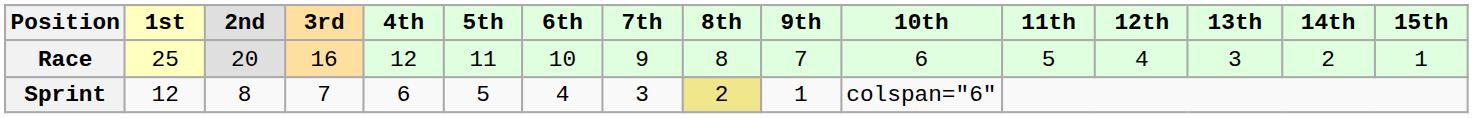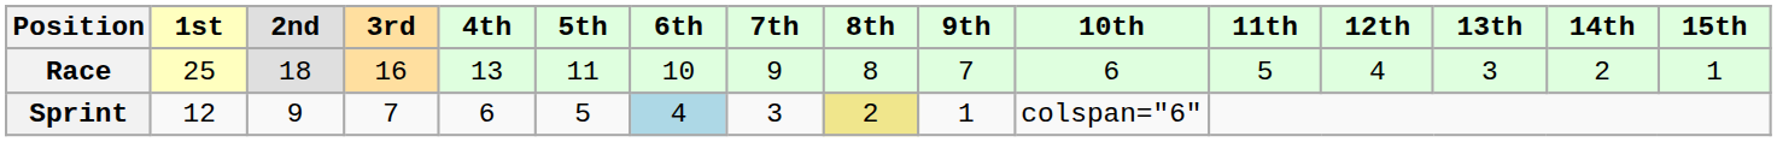 <table class="wikitable" style="font-size:85%; text-align:center">
 <tr>
 <th>Position</th>
 <td style="background:#ffffbf;"> <strong>1st</strong> </td>
 <td style="background:#dfdfdf;"> <strong>2nd</strong> </td>
 <td style="background:#ffdf9f;"> <strong>3rd</strong> </td>
 <td style="background:#dfffdf;"> <strong>4th</strong> </td>
 <td style="background:#dfffdf;"> <strong>5th</strong> </td>
 <td style="background:#dfffdf;"> <strong>6th</strong> </td>
 <td style="background:#dfffdf;"> <strong>7th</strong> </td>
 <td style="background:#dfffdf;"> <strong>8th</strong> </td>
 <td style="background:#dfffdf;"> <strong>9th</strong> </td>
 <td style="background:#dfffdf;"> <strong>10th</strong> </td>
 <td style="background:#dfffdf;"> <strong>11th</strong> </td>
 <td style="background:#dfffdf;"> <strong>12th</strong> </td>
 <td style="background:#dfffdf;"> <strong>13th</strong> </td>
 <td style="background:#dfffdf;"> <strong>14th</strong> </td>
 <td style="background:#dfffdf;"> <strong>15th</strong> </td>
 </tr>
 <tr>
 <th>Race</th>
 <td style="background:#ffffbf;">25</td>
-<td style="background:#dfdfdf;">20</td>
+<td style="background:#dfdfdf;">18</td>
 <td style="background:#ffdf9f;">16</td>
-<td style="background:#dfffdf;">12</td>
+<td style="background:#dfffdf;">13</td>
 <td style="background:#dfffdf;">11</td>
 <td style="background:#dfffdf;">10</td>
 <td style="background:#dfffdf;">9</td>
 <td style="background:#dfffdf;">8</td>
 <td style="background:#dfffdf;">7</td>
 <td style="background:#dfffdf;">6</td>
 <td style="background:#dfffdf;">5</td>
 <td style="background:#dfffdf;">4</td>
 <td style="background:#dfffdf;">3</td>
 <td style="background:#dfffdf;">2</td>
 <td style="background:#dfffdf;">1</td>
 </tr>
 <tr>
 <th>Sprint</th>
 <td>12</td>
-<td>8</td>
+<td>9</td>
 <td>7</td>
 <td>6</td>
 <td>5</td>
-<td>4</td>
+<td style="background: lightblue;">4</td>
 <td>3</td>
 <td style="background: khaki;">2</td>
 <td>1</td>
 <td>colspan="6" </td>
 </tr>
 </table>
